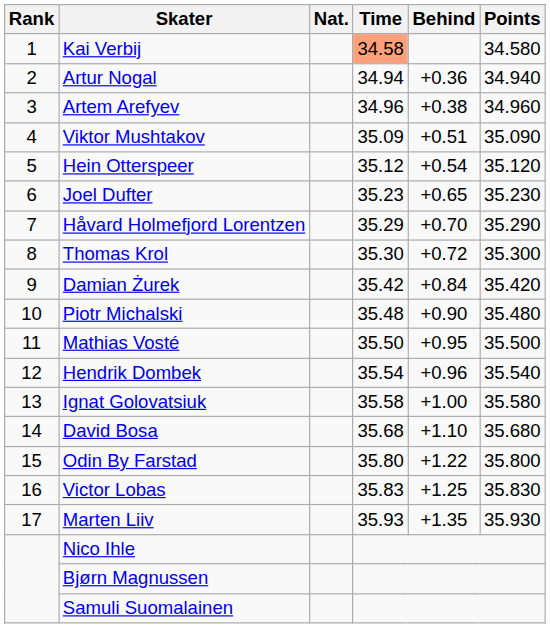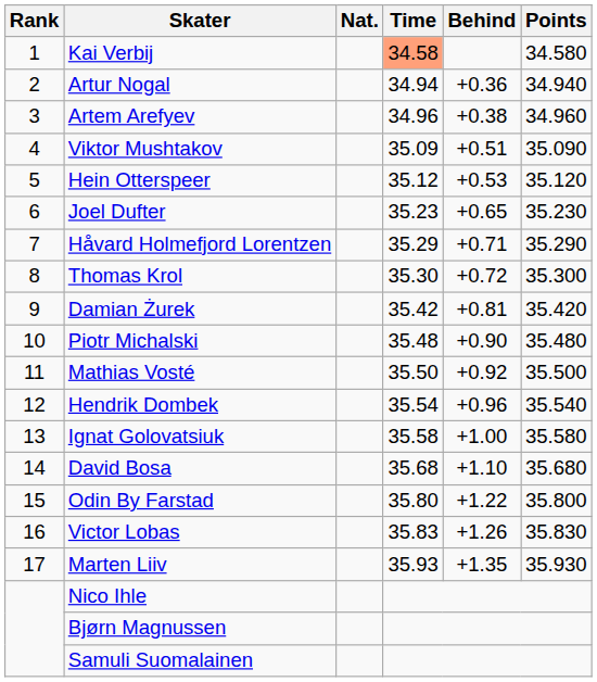 <table class="wikitable sortable" style="text-align:center">
 <tr>
 <th>Rank</th>
 <th>Skater</th>
 <th>Nat.</th>
 <th>Time</th>
 <th>Behind</th>
 <th>Points</th>
 </tr>
 <tr>
 <td>1</td>
 <td align=left><a href='#'>Kai Verbij</a></td>
 <td></td>
 <td style="background: lightsalmon;">34.58</td>
 <td></td>
 <td>34.580</td>
 </tr>
 <tr>
 <td>2</td>
 <td align=left><a href='#'>Artur Nogal</a></td>
 <td></td>
 <td>34.94</td>
 <td>+0.36</td>
 <td>34.940</td>
 </tr>
 <tr>
 <td>3</td>
 <td align=left><a href='#'>Artem Arefyev</a></td>
 <td></td>
 <td>34.96</td>
 <td>+0.38</td>
 <td>34.960</td>
 </tr>
 <tr>
 <td>4</td>
 <td align=left><a href='#'>Viktor Mushtakov</a></td>
 <td></td>
 <td>35.09</td>
 <td>+0.51</td>
 <td>35.090</td>
 </tr>
 <tr>
 <td>5</td>
 <td align=left><a href='#'>Hein Otterspeer</a></td>
 <td></td>
 <td>35.12</td>
-<td>+0.54</td>
+<td>+0.53</td>
 <td>35.120</td>
 </tr>
 <tr>
 <td>6</td>
 <td align=left><a href='#'>Joel Dufter</a></td>
 <td></td>
 <td>35.23</td>
 <td>+0.65</td>
 <td>35.230</td>
 </tr>
 <tr>
 <td>7</td>
 <td align=left><a href='#'>Håvard Holmefjord Lorentzen</a></td>
 <td></td>
 <td>35.29</td>
-<td>+0.70</td>
+<td>+0.71</td>
 <td>35.290</td>
 </tr>
 <tr>
 <td>8</td>
 <td align=left><a href='#'>Thomas Krol</a></td>
 <td></td>
 <td>35.30</td>
 <td>+0.72</td>
 <td>35.300</td>
 </tr>
 <tr>
 <td>9</td>
 <td align=left><a href='#'>Damian Żurek</a></td>
 <td></td>
 <td>35.42</td>
-<td>+0.84</td>
+<td>+0.81</td>
 <td>35.420</td>
 </tr>
 <tr>
 <td>10</td>
 <td align=left><a href='#'>Piotr Michalski</a></td>
 <td></td>
 <td>35.48</td>
 <td>+0.90</td>
 <td>35.480</td>
 </tr>
 <tr>
 <td>11</td>
 <td align=left><a href='#'>Mathias Vosté</a></td>
 <td></td>
 <td>35.50</td>
-<td>+0.95</td>
+<td>+0.92</td>
 <td>35.500</td>
 </tr>
 <tr>
 <td>12</td>
 <td align=left><a href='#'>Hendrik Dombek</a></td>
 <td></td>
 <td>35.54</td>
 <td>+0.96</td>
 <td>35.540</td>
 </tr>
 <tr>
 <td>13</td>
 <td align=left><a href='#'>Ignat Golovatsiuk</a></td>
 <td></td>
 <td>35.58</td>
 <td>+1.00</td>
 <td>35.580</td>
 </tr>
 <tr>
 <td>14</td>
 <td align=left><a href='#'>David Bosa</a></td>
 <td></td>
 <td>35.68</td>
 <td>+1.10</td>
 <td>35.680</td>
 </tr>
 <tr>
 <td>15</td>
 <td align=left><a href='#'>Odin By Farstad</a></td>
 <td></td>
 <td>35.80</td>
 <td>+1.22</td>
 <td>35.800</td>
 </tr>
 <tr>
 <td>16</td>
 <td align="left"><a href='#'>Victor Lobas</a></td>
 <td></td>
 <td>35.83</td>
-<td>+1.25</td>
+<td>+1.26</td>
 <td>35.830</td>
 </tr>
 <tr>
 <td>17</td>
 <td align=left><a href='#'>Marten Liiv</a></td>
 <td></td>
 <td>35.93</td>
 <td>+1.35</td>
 <td>35.930</td>
 </tr>
 <tr>
 <td rowspan=3></td>
 <td align=left><a href='#'>Nico Ihle</a></td>
 <td></td>
 <td colspan=3></td>
 </tr>
 <tr>
 <td align=left><a href='#'>Bjørn Magnussen</a></td>
 <td></td>
 <td colspan=3></td>
 </tr>
 <tr>
 <td align=left><a href='#'>Samuli Suomalainen</a></td>
 <td></td>
 <td colspan=3></td>
 </tr>
 </table>
